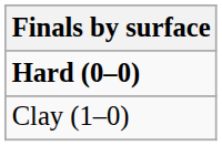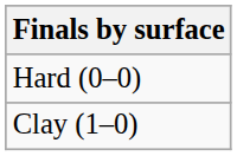 <table class=wikitable style=font-size:90%>
 <tr>
 <th>Finals by surface</th>
 </tr>
 <tr>
-<td><strong>Hard (0–0)</strong></td>
+<td>Hard (0–0)</td>
 </tr>
 <tr>
 <td>Clay (1–0)</td>
 </tr>
 </table>
